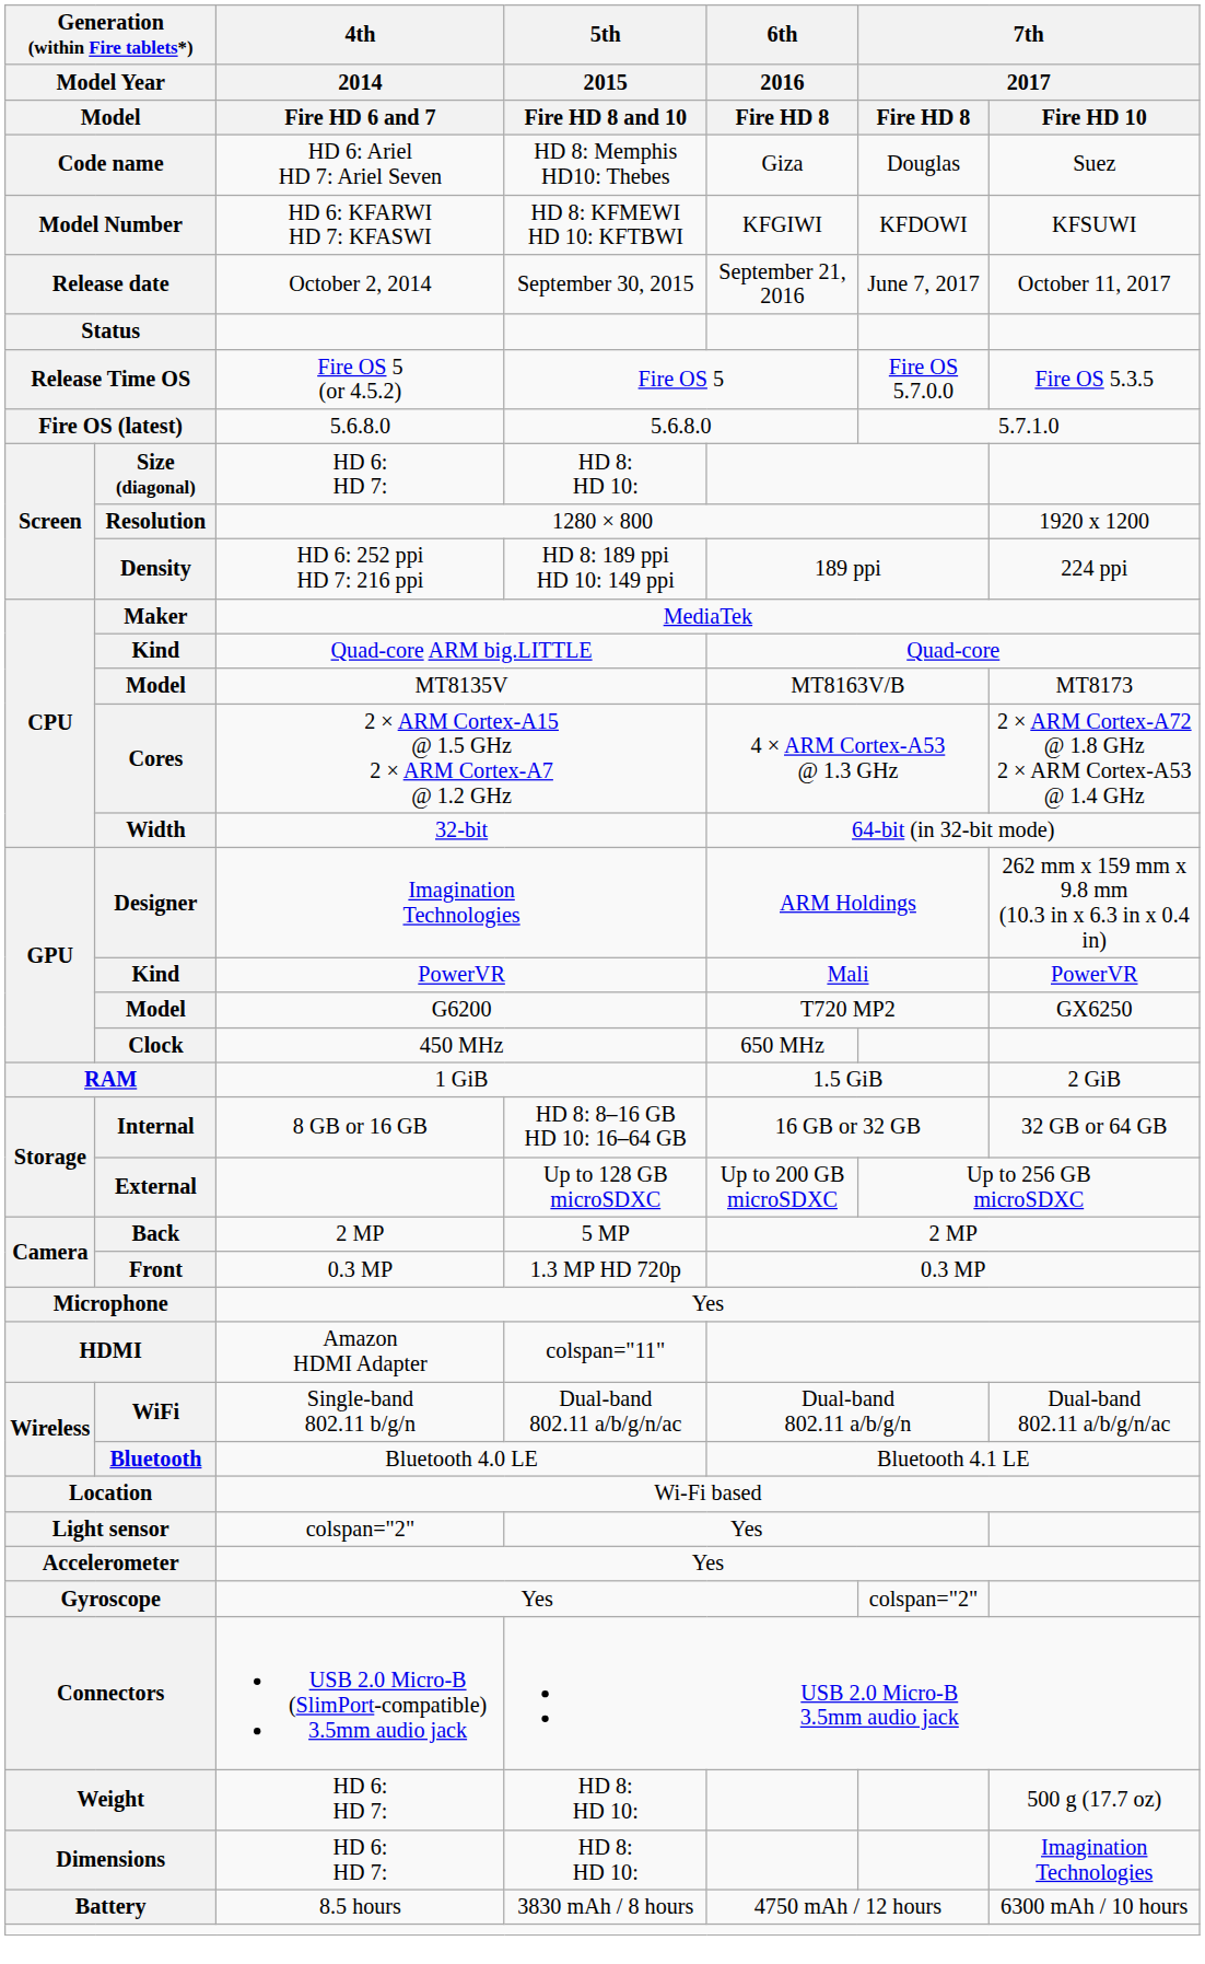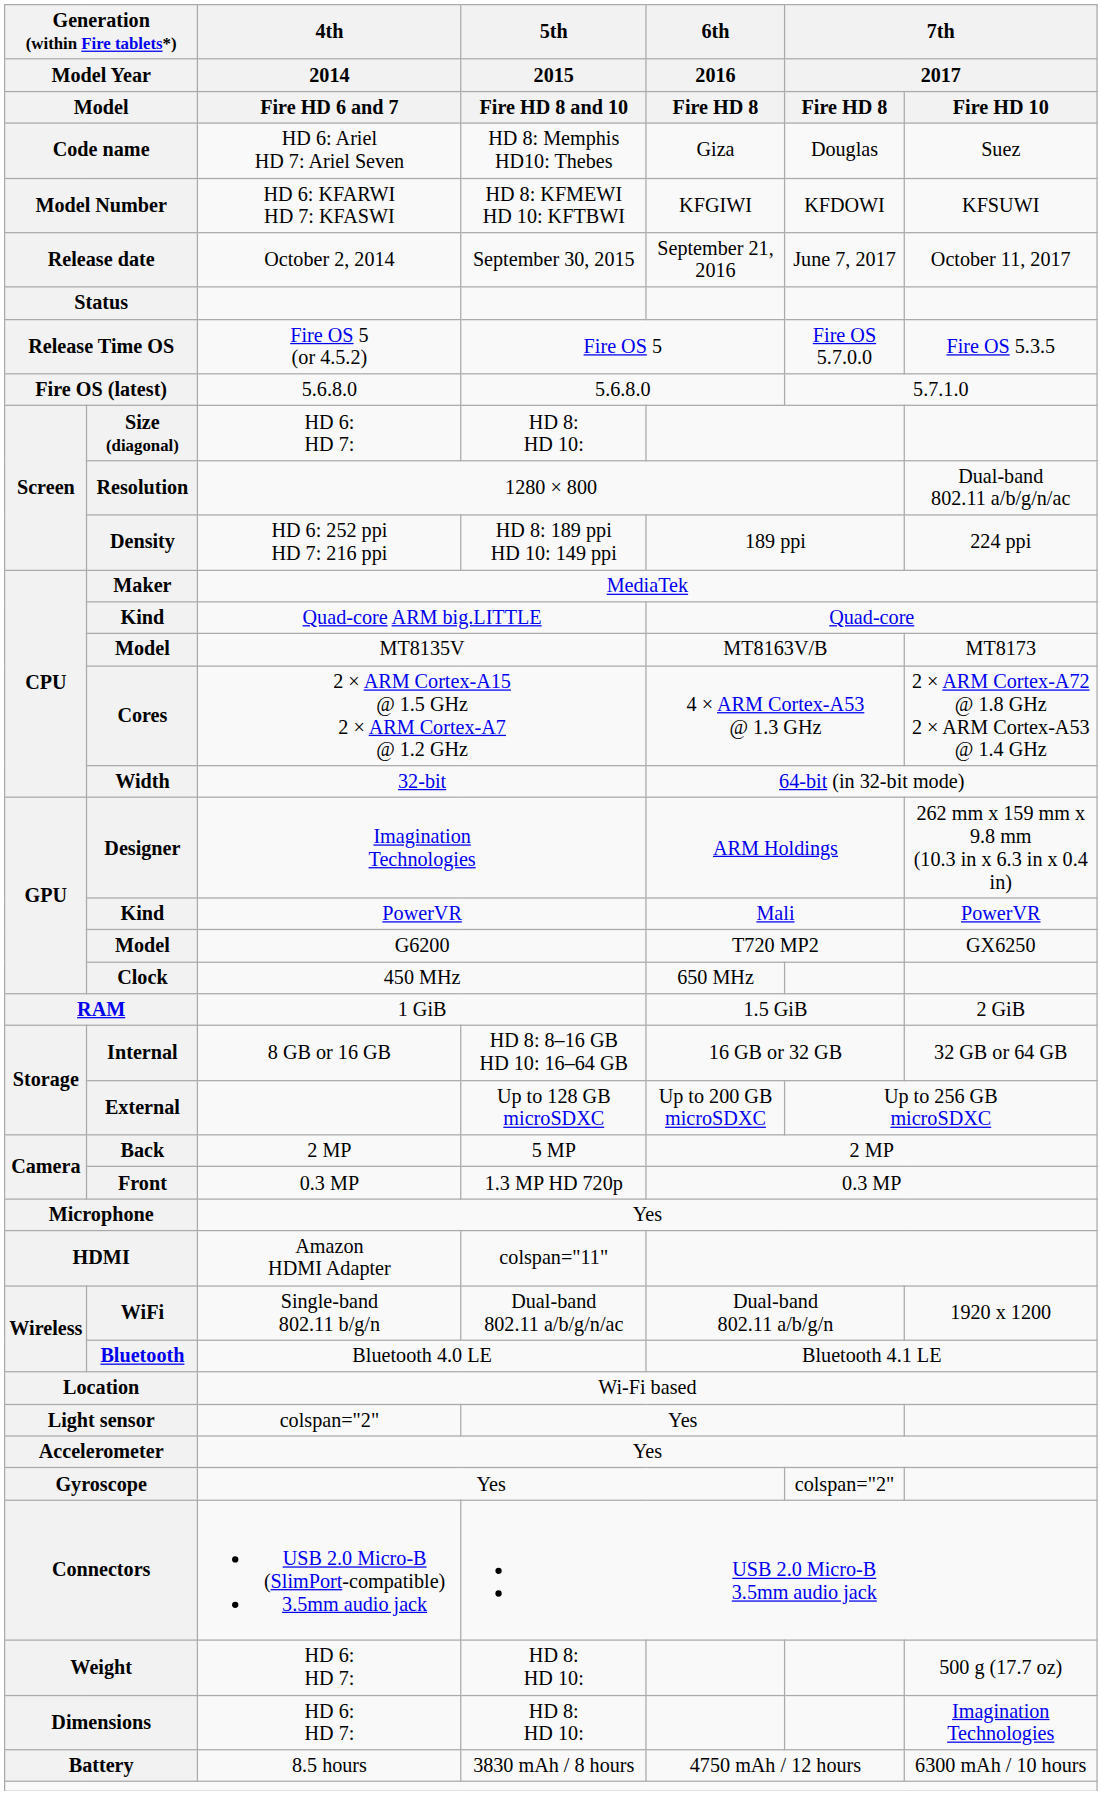 <table class="wikitable mw-collapsible mw-collapsed" style="text-align:center;">
 <tr>
 <th colspan="2">Generation<br><small>(within <a href='#'>Fire tablets</a>*)</small></th>
 <th>4th</th>
 <th>5th</th>
 <th>6th</th>
 <th Colspan="2">7th</th>
 </tr>
 <tr>
 <th colspan="2">Model Year</th>
 <th>2014</th>
 <th>2015</th>
 <th>2016</th>
 <th Colspan="2">2017</th>
 </tr>
 <tr>
 <th colspan="2">Model</th>
 <th>Fire HD 6 and 7</th>
 <th>Fire HD 8 and 10</th>
 <th>Fire HD 8</th>
 <th>Fire HD 8</th>
 <th>Fire HD 10</th>
 </tr>
 <tr>
 <th colspan="2">Code name</th>
 <td>HD 6: Ariel<br>HD 7: Ariel Seven</td>
 <td>HD 8: Memphis<br>HD10: Thebes</td>
 <td>Giza</td>
 <td>Douglas</td>
 <td>Suez</td>
 </tr>
 <tr>
 <th colspan="2">Model Number</th>
 <td>HD 6: KFARWI<br>HD 7: KFASWI</td>
 <td>HD 8: KFMEWI<br>HD 10: KFTBWI</td>
 <td>KFGIWI</td>
 <td>KFDOWI</td>
 <td>KFSUWI</td>
 </tr>
 <tr>
 <th colspan="2">Release date</th>
 <td>October 2, 2014</td>
 <td>September 30, 2015</td>
 <td>September 21, 2016</td>
 <td>June 7, 2017</td>
 <td>October 11, 2017</td>
 </tr>
 <tr>
 <th colspan="2">Status</th>
 <td></td>
 <td></td>
 <td></td>
 <td></td>
 <td></td>
 </tr>
 <tr>
 <th colspan="2">Release Time OS</th>
 <td colspan="1"><a href='#'>Fire OS</a> 5<br>(or 4.5.2)</td>
 <td colspan="2"><a href='#'>Fire OS</a> 5</td>
 <td colspan="1"><a href='#'>Fire OS</a> 5.7.0.0</td>
 <td colspan="1"><a href='#'>Fire OS</a> 5.3.5</td>
 </tr>
 <tr>
 <th colspan="2">Fire OS (latest)</th>
 <td colspan="1">5.6.8.0</td>
 <td colspan="2">5.6.8.0</td>
 <td colspan="2">5.7.1.0</td>
 </tr>
 <tr>
 <th rowspan="3">Screen</th>
 <th>Size <small>(diagonal)</small></th>
 <td>HD 6:  <br>HD 7: </td>
 <td>HD 8:  <br>HD 10: </td>
 <td colspan="2"></td>
 <td></td>
 </tr>
 <tr>
 <th>Resolution</th>
 <td colspan="4">1280 × 800</td>
-<td>1920 x 1200</td>
+<td>Dual-band<br>802.11 a/b/g/n/ac</td>
 </tr>
 <tr>
 <th>Density</th>
 <td>HD 6: 252 ppi <br>HD 7: 216 ppi</td>
 <td>HD 8: 189 ppi <br> HD 10: 149 ppi</td>
 <td colspan="2">189 ppi</td>
 <td>224 ppi</td>
 </tr>
 <tr>
 <th rowspan="5" colspan="1">CPU</th>
 <th>Maker</th>
 <td colspan="5"><a href='#'>MediaTek</a></td>
 </tr>
 <tr>
 <th>Kind</th>
 <td colspan="2"><a href='#'>Quad-core</a> <a href='#'>ARM big.LITTLE</a></td>
 <td colspan="3"><a href='#'>Quad-core</a></td>
 </tr>
 <tr>
 <th>Model</th>
 <td colspan="2">MT8135V</td>
 <td colspan="2">MT8163V/B</td>
 <td>MT8173</td>
 </tr>
 <tr>
 <th>Cores</th>
 <td colspan="2">2 × <a href='#'>ARM Cortex-A15</a><br>@ 1.5 GHz <br> 2 × <a href='#'>ARM Cortex-A7</a><br>@ 1.2 GHz</td>
 <td colspan="2">4 × <a href='#'>ARM Cortex-A53</a><br>@ 1.3 GHz</td>
 <td>2 × <a href='#'>ARM Cortex-A72</a><br>@ 1.8 GHz <br> 2 × ARM Cortex-A53<br>@ 1.4 GHz</td>
 </tr>
 <tr>
 <th>Width</th>
 <td colspan="2"><a href='#'>32-bit</a></td>
 <td colspan="3"><a href='#'>64-bit</a> (in 32-bit mode)</td>
 </tr>
 <tr>
 <th rowspan="4" colspan="1">GPU</th>
 <th>Designer</th>
 <td colspan="2"><a href='#'>Imagination<br>Technologies</a></td>
 <td colspan="2"><a href='#'>ARM Holdings</a></td>
 <td>262 mm x 159 mm x 9.8 mm<br>(10.3 in x 6.3 in x 0.4 in)</td>
 </tr>
 <tr>
 <th>Kind</th>
 <td colspan="2"><a href='#'>PowerVR</a></td>
 <td colspan="2"><a href='#'>Mali</a></td>
 <td><a href='#'>PowerVR</a></td>
 </tr>
 <tr>
 <th>Model</th>
 <td colspan="2">G6200</td>
 <td colspan="2">T720 MP2</td>
 <td>GX6250</td>
 </tr>
 <tr>
 <th>Clock</th>
 <td colspan="2">450 MHz</td>
 <td>650 MHz </td>
 <td></td>
 <td></td>
 </tr>
 <tr>
 <th colspan="2"><a href='#'>RAM</a></th>
 <td colspan="2">1 GiB</td>
 <td colspan="2">1.5 GiB</td>
 <td>2 GiB</td>
 </tr>
 <tr>
 <th rowspan="2">Storage</th>
 <th>Internal</th>
 <td>8 GB or 16 GB</td>
 <td>HD 8: 8–16 GB <br>HD 10: 16–64 GB</td>
 <td colspan="2">16 GB or 32 GB</td>
 <td>32 GB or 64 GB</td>
 </tr>
 <tr>
 <th>External</th>
 <td></td>
 <td>Up to 128 GB <a href='#'>microSDXC</a></td>
 <td>Up to 200 GB<br><a href='#'>microSDXC</a></td>
 <td colspan="2">Up to 256 GB<br><a href='#'>microSDXC</a></td>
 </tr>
 <tr>
 <th colspan="1" rowspan="2">Camera</th>
 <th>Back</th>
 <td>2 MP</td>
 <td>5 MP</td>
 <td colspan="3">2 MP</td>
 </tr>
 <tr>
 <th>Front</th>
 <td>0.3 MP</td>
 <td>1.3 MP HD 720p</td>
 <td colspan="3">0.3 MP</td>
 </tr>
 <tr>
 <th colspan="2">Microphone</th>
 <td colspan="5">Yes</td>
 </tr>
 <tr>
 <th colspan="2">HDMI</th>
 <td>Amazon<br>HDMI Adapter</td>
 <td>colspan="11" </td>
 </tr>
 <tr>
 <th rowspan="2">Wireless</th>
 <th>WiFi</th>
 <td>Single-band<br>802.11 b/g/n</td>
 <td>Dual-band<br>802.11 a/b/g/n/ac</td>
 <td colspan="2">Dual-band<br>802.11 a/b/g/n</td>
-<td>Dual-band<br>802.11 a/b/g/n/ac</td>
+<td>1920 x 1200</td>
 </tr>
 <tr>
 <th><a href='#'>Bluetooth</a></th>
 <td colspan="2">Bluetooth 4.0 LE</td>
 <td colspan="3">Bluetooth 4.1 LE</td>
 </tr>
 <tr>
 <th colspan="2">Location</th>
 <td colspan="5">Wi-Fi based</td>
 </tr>
 <tr>
 <th colspan="2">Light sensor</th>
 <td>colspan="2" </td>
 <td colspan="3">Yes</td>
 </tr>
 <tr>
 <th colspan="2">Accelerometer</th>
 <td colspan="5">Yes</td>
 </tr>
 <tr>
 <th colspan="2">Gyroscope</th>
 <td colspan="3">Yes</td>
 <td>colspan="2" </td>
 </tr>
 <tr>
 <th colspan="2">Connectors</th>
 <td><br><ul><li><a href='#'>USB 2.0 Micro-B</a> (<a href='#'>SlimPort</a>-compatible)</li><li><a href='#'>3.5mm audio jack</a></li></ul></td>
 <td colspan="4"><br><ul><li><a href='#'>USB 2.0 Micro-B</a></li><li><a href='#'>3.5mm audio jack</a></li></ul></td>
 </tr>
 <tr>
 <th colspan="2">Weight</th>
 <td rowspan="1">HD 6:  <br>HD 7: </td>
 <td rowspan="1">HD 8:  <br>HD 10: </td>
 <td></td>
 <td></td>
 <td>500 g (17.7 oz)</td>
 </tr>
 <tr>
 <th colspan="2">Dimensions</th>
 <td>HD 6:  <br>HD 7: </td>
 <td>HD 8:  <br>HD 10: </td>
 <td></td>
 <td></td>
 <td><a href='#'>Imagination<br>Technologies</a></td>
 </tr>
 <tr>
 <th colspan="2">Battery</th>
 <td>8.5 hours</td>
 <td>3830 mAh / 8 hours</td>
 <td colspan="2">4750 mAh / 12 hours</td>
 <td>6300 mAh / 10 hours</td>
 </tr>
 <tr>
 <td colspan="7"><small></small></td>
 </tr>
 </table>
